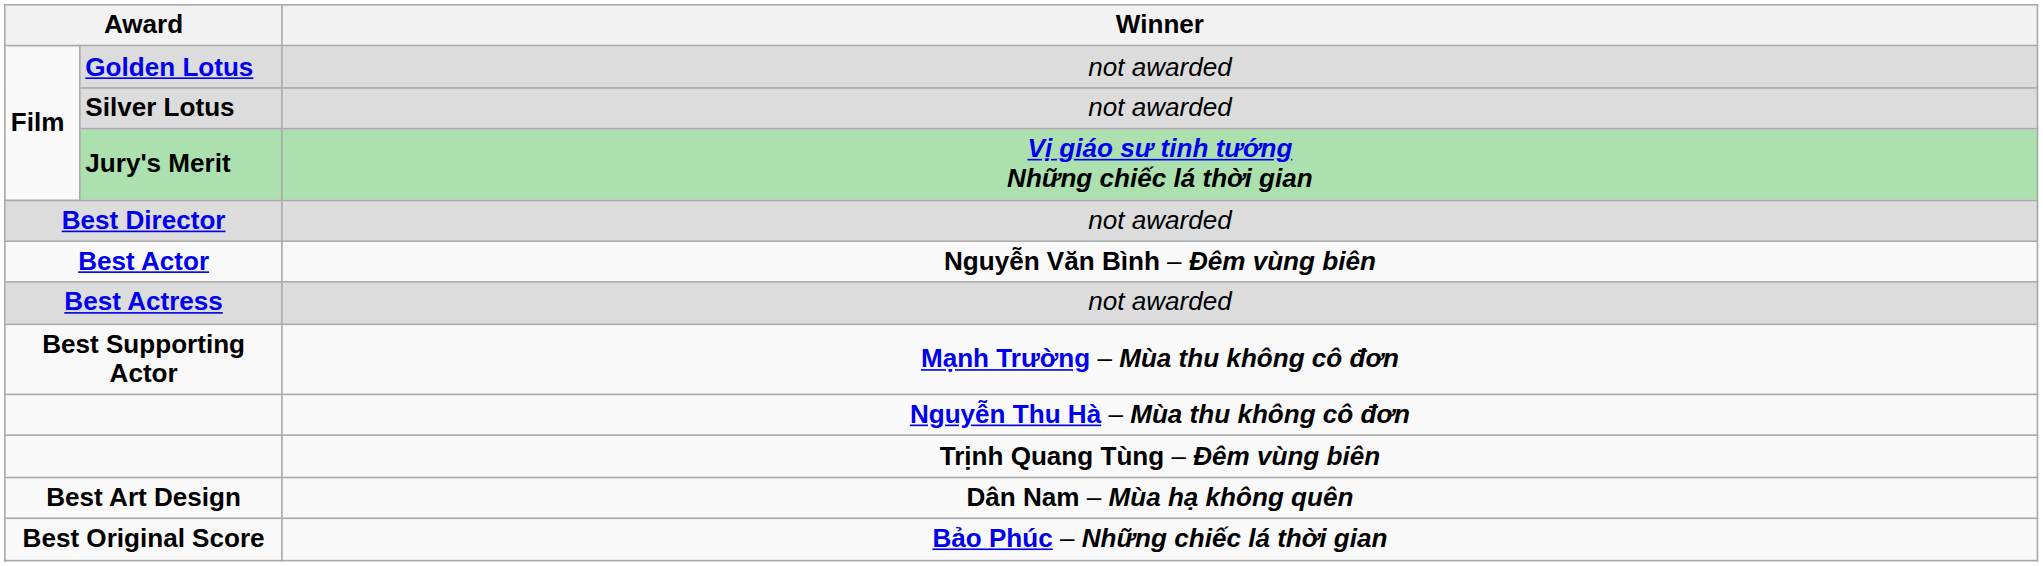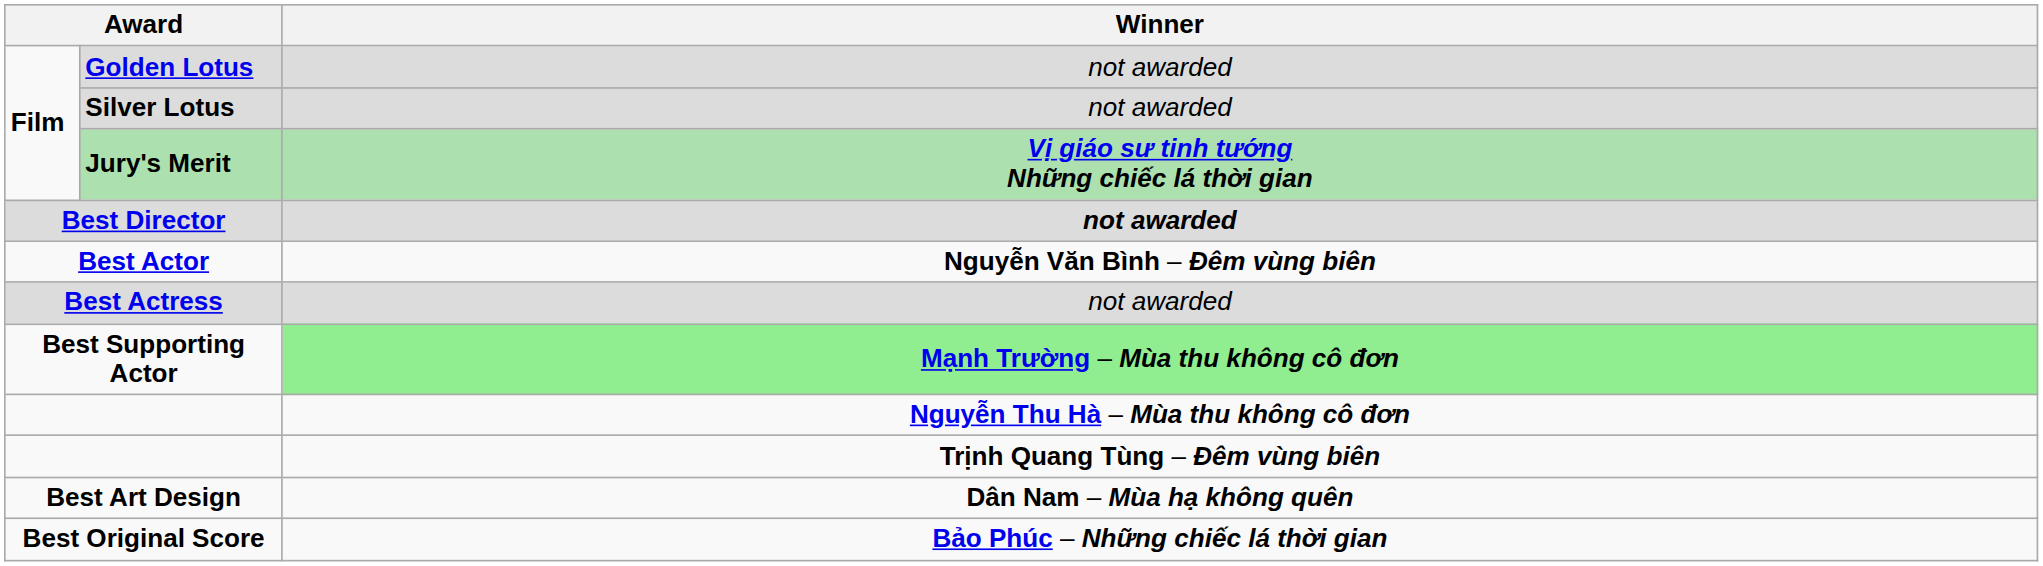 <table class=wikitable>
 <tr>
 <th width="12%" colspan="2">Award</th>
 <th width="76%">Winner</th>
 </tr>
 <tr>
 <td rowspan="3"><strong>Film</strong></td>
 <td style="background:#DCDCDC"><strong><a href='#'>Golden Lotus</a></strong></td>
 <td style="background:#DCDCDC" align=center><em>not awarded</em></td>
 </tr>
 <tr>
 <td style="background:#DCDCDC"><strong>Silver Lotus</strong></td>
 <td style="background:#DCDCDC" align=center><em>not awarded</em></td>
 </tr>
 <tr>
 <td style="background:#ACE1AF"><strong>Jury's Merit</strong></td>
 <td style="background:#ACE1AF" align=center><strong><em><a href='#'>Vị giáo sư tinh tướng</a></em></strong><br><strong><em>Những chiếc lá thời gian</em></strong></td>
 </tr>
 <tr>
 <td colspan="2" align=center style="background:#DCDCDC"><strong><a href='#'>Best Director</a></strong></td>
-<td align=center style="background:#DCDCDC"><em>not awarded</em></td>
+<td align=center style="background:#DCDCDC"><strong><em>not awarded</em></strong></td>
 </tr>
 <tr>
 <td colspan="2" align=center><strong><a href='#'>Best Actor</a></strong></td>
 <td align=center><strong>Nguyễn Văn Bình</strong> – <strong><em>Đêm vùng biên</em></strong></td>
 </tr>
 <tr>
 <td colspan="2" align=center style="background:#DCDCDC"><strong><a href='#'>Best Actress</a></strong></td>
 <td align=center style="background:#DCDCDC"><em>not awarded</em></td>
 </tr>
 <tr>
 <td colspan="2" align=center><strong>Best Supporting Actor</strong></td>
-<td align=center><strong><a href='#'>Mạnh Trường</a></strong> – <strong><em>Mùa thu không cô đơn</em></strong></td>
+<td align=center style="background: lightgreen;"><strong><a href='#'>Mạnh Trường</a></strong> – <strong><em>Mùa thu không cô đơn</em></strong></td>
 </tr>
 <tr>
 <td colspan="2" align=center><strong></strong></td>
 <td align=center><strong><a href='#'>Nguyễn Thu Hà</a></strong> – <strong><em>Mùa thu không cô đơn</em></strong></td>
 </tr>
 <tr>
 <td colspan="2" align=center><strong></strong></td>
 <td align=center><strong>Trịnh Quang Tùng</strong> – <strong><em>Đêm vùng biên</em></strong></td>
 </tr>
 <tr>
 <td colspan="2" align=center><strong>Best Art Design</strong></td>
 <td align=center><strong>Dân Nam</strong> – <strong><em>Mùa hạ không quên</em></strong></td>
 </tr>
 <tr>
 <td colspan="2" align=center><strong>Best Original Score</strong></td>
 <td align=center><strong><a href='#'>Bảo Phúc</a></strong> – <strong><em>Những chiếc lá thời gian</em></strong></td>
 </tr>
 </table>
